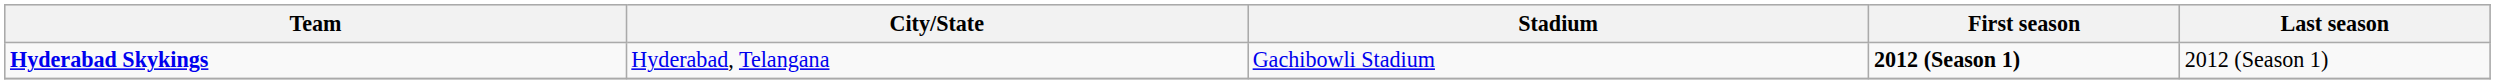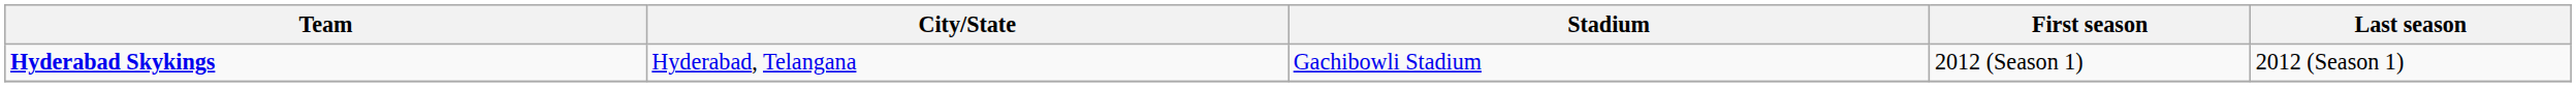 <table class="wikitable plainrowheaders" style="width:100%; font-size:88%;">
 <tr>
 <th style="width:25%" scope="col">Team</th>
 <th style="width:25%" scope="col">City/State</th>
 <th style="width:25%" scope="col">Stadium</th>
 <th style="width:12.5%" scope="col">First season</th>
 <th style="width:12.5%" scope="col">Last season</th>
 </tr>
 <tr>
 <td><strong><a href='#'>Hyderabad Skykings</a></strong></td>
 <td> <a href='#'>Hyderabad</a>, <a href='#'>Telangana</a></td>
 <td><a href='#'>Gachibowli Stadium</a></td>
-<td><strong>2012 (Season 1)</strong></td>
+<td>2012 (Season 1)</td>
 <td>2012 (Season 1)</td>
 </tr>
 <tr>
 </tr>
 </table>
